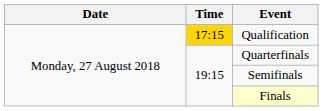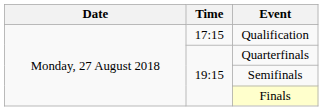 <table class = "wikitable" style="text-align:center;">
 <tr>
 <th width=220>Date</th>
 <th width=50>Time</th>
 <th width=100>Event</th>
 </tr>
 <tr>
 <td rowspan=4>Monday, 27 August 2018</td>
-<td style="background: gold;">17:15</td>
+<td>17:15</td>
 <td>Qualification</td>
 </tr>
 <tr>
 <td rowspan=3>19:15</td>
 <td>Quarterfinals</td>
 </tr>
 <tr>
 <td>Semifinals</td>
 </tr>
 <tr>
 <td bgcolor=ffffcc>Finals</td>
 </tr>
 </table>
